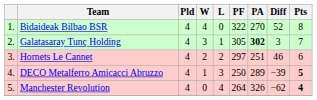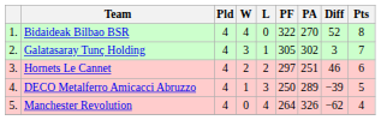 <table class=wikitable style="text-align:center">
 <tr>
 <th width=15></th>
 <th width=260>Team</th>
 <th width=20>Pld</th>
 <th width=20>W</th>
 <th width=20>L</th>
 <th width=20>PF</th>
 <th width=20>PA</th>
 <th width=30>Diff</th>
 <th width=30>Pts</th>
 </tr>
 <tr bgcolor=ccffcc>
 <td>1.</td>
 <td align=left> <a href='#'>Bidaideak Bilbao BSR</a></td>
 <td>4</td>
 <td>4</td>
 <td>0</td>
 <td>322</td>
 <td>270</td>
 <td>52</td>
 <td>8</td>
 </tr>
 <tr bgcolor=ccffcc>
 <td>2.</td>
 <td align=left> <a href='#'>Galatasaray Tunç Holding</a></td>
 <td>4</td>
 <td>3</td>
 <td>1</td>
 <td>305</td>
-<td><strong>302</strong></td>
+<td>302</td>
 <td>3</td>
 <td>7</td>
 </tr>
 <tr bgcolor=ffcccc>
 <td>3.</td>
 <td align=left> <a href='#'>Hornets Le Cannet</a></td>
 <td>4</td>
 <td>2</td>
 <td>2</td>
 <td>297</td>
 <td>251</td>
 <td>46</td>
 <td>6</td>
 </tr>
 <tr bgcolor=ffcccc>
 <td>4.</td>
 <td align=left> <a href='#'>DECO Metalferro Amicacci Abruzzo</a></td>
 <td>4</td>
 <td>1</td>
 <td>3</td>
 <td>250</td>
 <td>289</td>
 <td>−39</td>
-<td><strong>5</strong></td>
+<td>5</td>
 </tr>
 <tr bgcolor=ffcccc>
 <td>5.</td>
 <td align=left> <a href='#'>Manchester Revolution</a></td>
 <td>4</td>
 <td>0</td>
 <td>4</td>
 <td>264</td>
 <td>326</td>
 <td>−62</td>
-<td><strong>4</strong></td>
+<td>4</td>
 </tr>
 <tr>
 </tr>
 </table>
